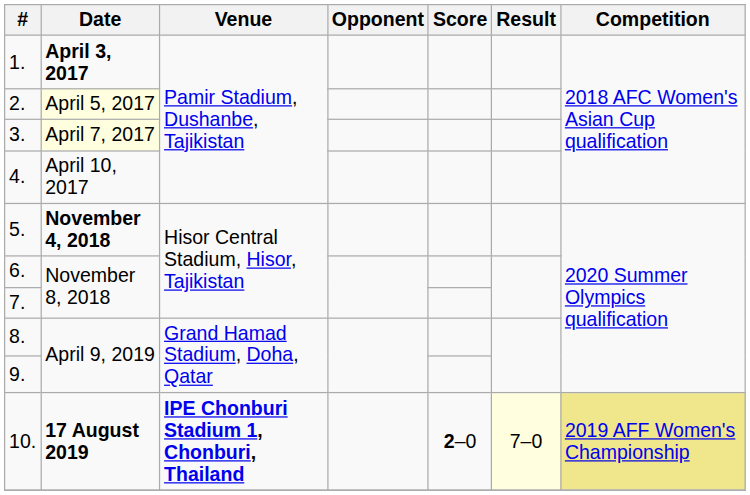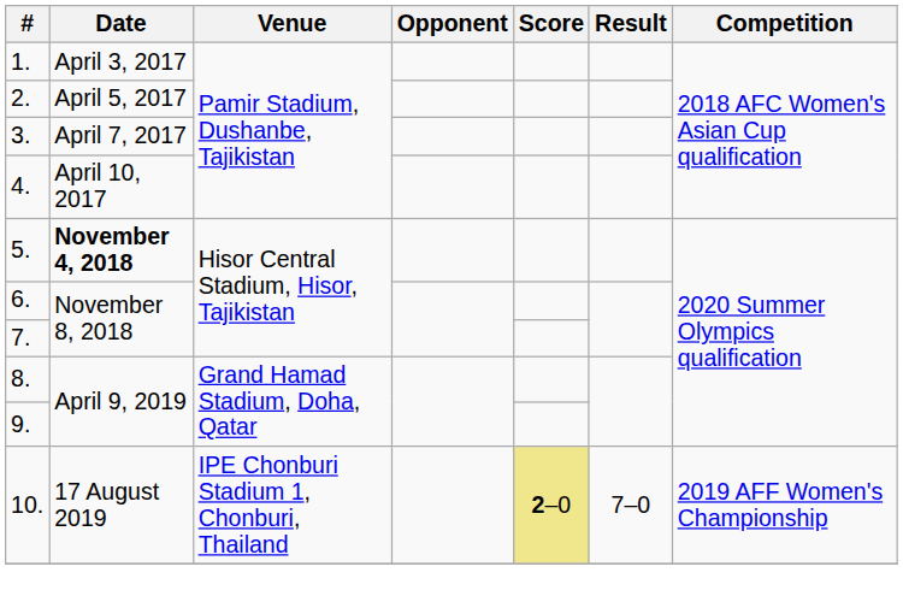 <table class="wikitable">
 <tr>
 <th>#</th>
 <th>Date</th>
 <th>Venue</th>
 <th>Opponent</th>
 <th>Score</th>
 <th>Result</th>
 <th>Competition</th>
 </tr>
 <tr>
 <td>1.</td>
-<td><strong>April 3, 2017</strong></td>
+<td>April 3, 2017</td>
 <td rowspan="4"><a href='#'>Pamir Stadium</a>, <a href='#'>Dushanbe</a>, <a href='#'>Tajikistan</a></td>
 <td></td>
 <td></td>
 <td></td>
 <td rowspan="4"><a href='#'>2018 AFC Women's Asian Cup qualification</a></td>
 </tr>
 <tr>
 <td>2.</td>
-<td style="background: lightyellow;">April 5, 2017</td>
+<td>April 5, 2017</td>
 <td></td>
 <td></td>
 <td></td>
 </tr>
 <tr>
 <td>3.</td>
-<td style="background: lightyellow;">April 7, 2017</td>
+<td>April 7, 2017</td>
 <td></td>
 <td></td>
 <td></td>
 </tr>
 <tr>
 <td>4.</td>
 <td>April 10, 2017</td>
 <td></td>
 <td></td>
 <td></td>
 </tr>
 <tr>
 <td>5.</td>
 <td><strong>November 4, 2018</strong></td>
 <td rowspan="3">Hisor Central Stadium, <a href='#'>Hisor</a>, <a href='#'>Tajikistan</a></td>
 <td></td>
 <td></td>
 <td></td>
 <td rowspan="5"><a href='#'>2020 Summer Olympics qualification</a></td>
 </tr>
 <tr>
 <td>6.</td>
 <td rowspan="2">November 8, 2018</td>
 <td rowspan="2"></td>
 <td></td>
 <td rowspan="2"></td>
 </tr>
 <tr>
 <td>7.</td>
 <td></td>
 </tr>
 <tr>
 <td>8.</td>
 <td rowspan="2">April 9, 2019</td>
 <td rowspan="2"><a href='#'>Grand Hamad Stadium</a>, <a href='#'>Doha</a>, <a href='#'>Qatar</a></td>
 <td rowspan="2"></td>
 <td></td>
 <td rowspan="2"></td>
 </tr>
 <tr>
 <td>9.</td>
 <td></td>
 </tr>
 <tr>
 <td>10.</td>
-<td><strong>17 August 2019</strong></td>
-<td><strong><a href='#'>IPE Chonburi Stadium 1</a>, <a href='#'>Chonburi</a>, <a href='#'>Thailand</a></strong></td>
+<td>17 August 2019</td>
+<td><a href='#'>IPE Chonburi Stadium 1</a>, <a href='#'>Chonburi</a>, <a href='#'>Thailand</a></td>
 <td></td>
-<td align=center><strong>2</strong>–0</td>
-<td align=center style="background: lightyellow;">7–0</td>
-<td style="background: khaki;"><a href='#'>2019 AFF Women's Championship</a></td>
+<td align=center style="background: khaki;"><strong>2</strong>–0</td>
+<td align=center>7–0</td>
+<td><a href='#'>2019 AFF Women's Championship</a></td>
 </tr>
 <tr>
 </tr>
 </table>
